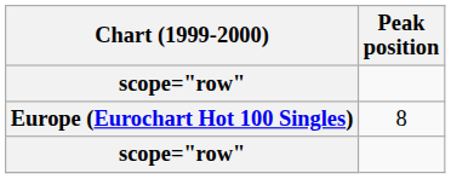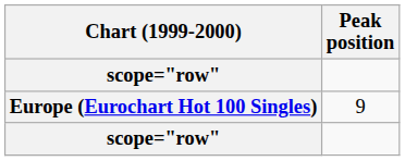 <table class="wikitable sortable plainrowheaders">
 <tr>
 <th>Chart (1999-2000)</th>
 <th>Peak <br>position</th>
 </tr>
 <tr>
 <th>scope="row"</th>
 </tr>
 <tr>
 <th scope="row">Europe (<a href='#'>Eurochart Hot 100 Singles</a>)</th>
-<td align="center">8</td>
+<td align="center">9</td>
 </tr>
 <tr>
 <th>scope="row"</th>
 </tr>
 <tr>
 </tr>
 </table>
